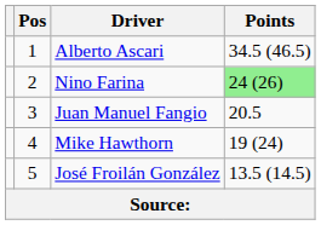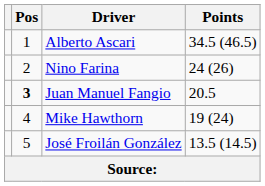 <table class="wikitable" style="font-size: 95%;">
 <tr>
 <th></th>
 <th>Pos</th>
 <th>Driver</th>
 <th>Points</th>
 </tr>
 <tr>
 <td align="left"></td>
 <td align="center">1</td>
 <td> <a href='#'>Alberto Ascari</a></td>
 <td align="left">34.5 (46.5)</td>
 </tr>
 <tr>
 <td align="left"></td>
 <td align="center">2</td>
 <td> <a href='#'>Nino Farina</a></td>
-<td align="left" style="background: lightgreen;">24 (26)</td>
+<td align="left">24 (26)</td>
 </tr>
 <tr>
 <td align="left"></td>
-<td align="center">3</td>
+<td align="center"><strong>3</strong></td>
 <td> <a href='#'>Juan Manuel Fangio</a></td>
 <td align="left">20.5</td>
 </tr>
 <tr>
 <td align="left"></td>
 <td align="center">4</td>
 <td> <a href='#'>Mike Hawthorn</a></td>
 <td align="left">19 (24)</td>
 </tr>
 <tr>
 <td align="left"></td>
 <td align="center">5</td>
 <td> <a href='#'>José Froilán González</a></td>
 <td align="left">13.5 (14.5)</td>
 </tr>
 <tr>
 <th colspan=4>Source: </th>
 </tr>
 </table>
